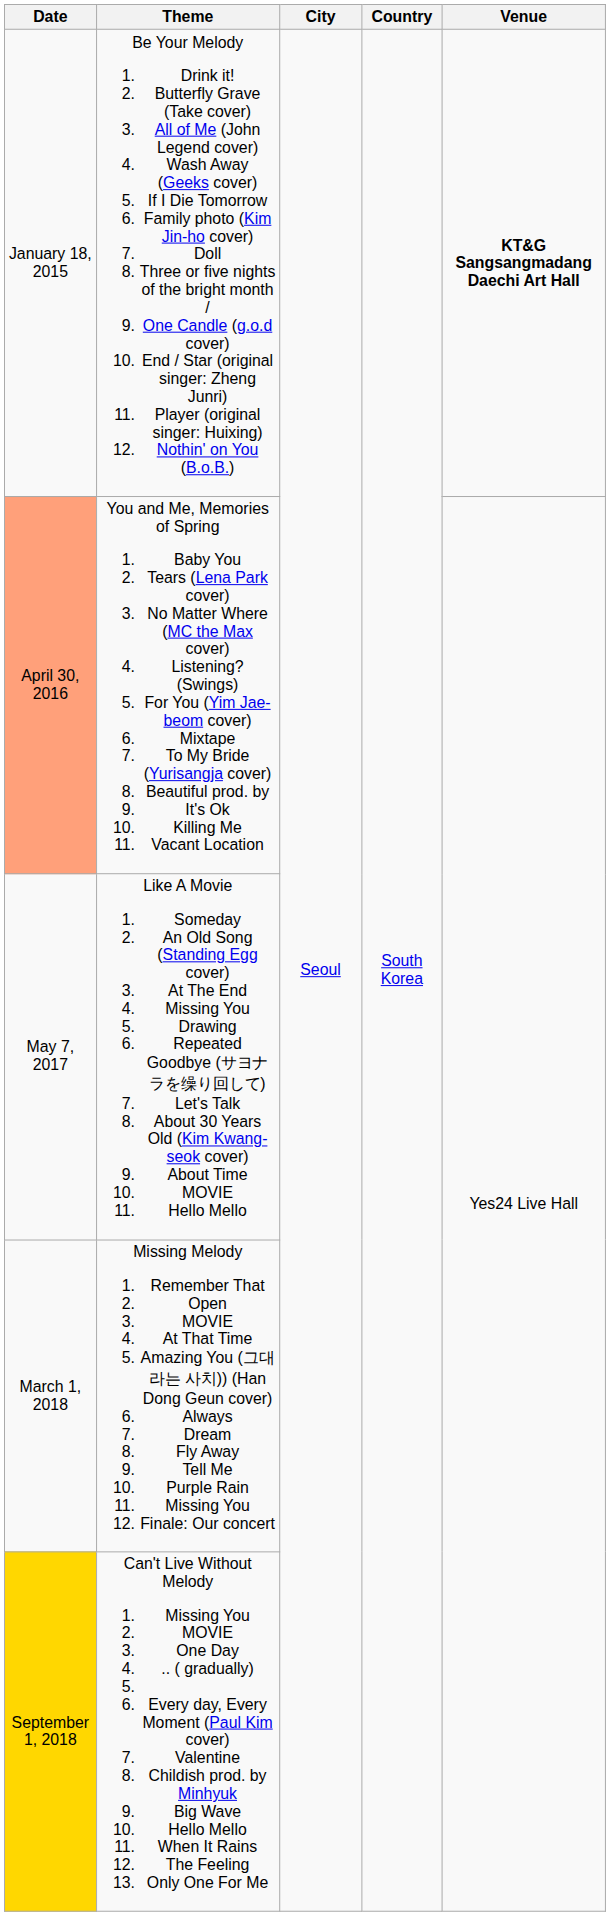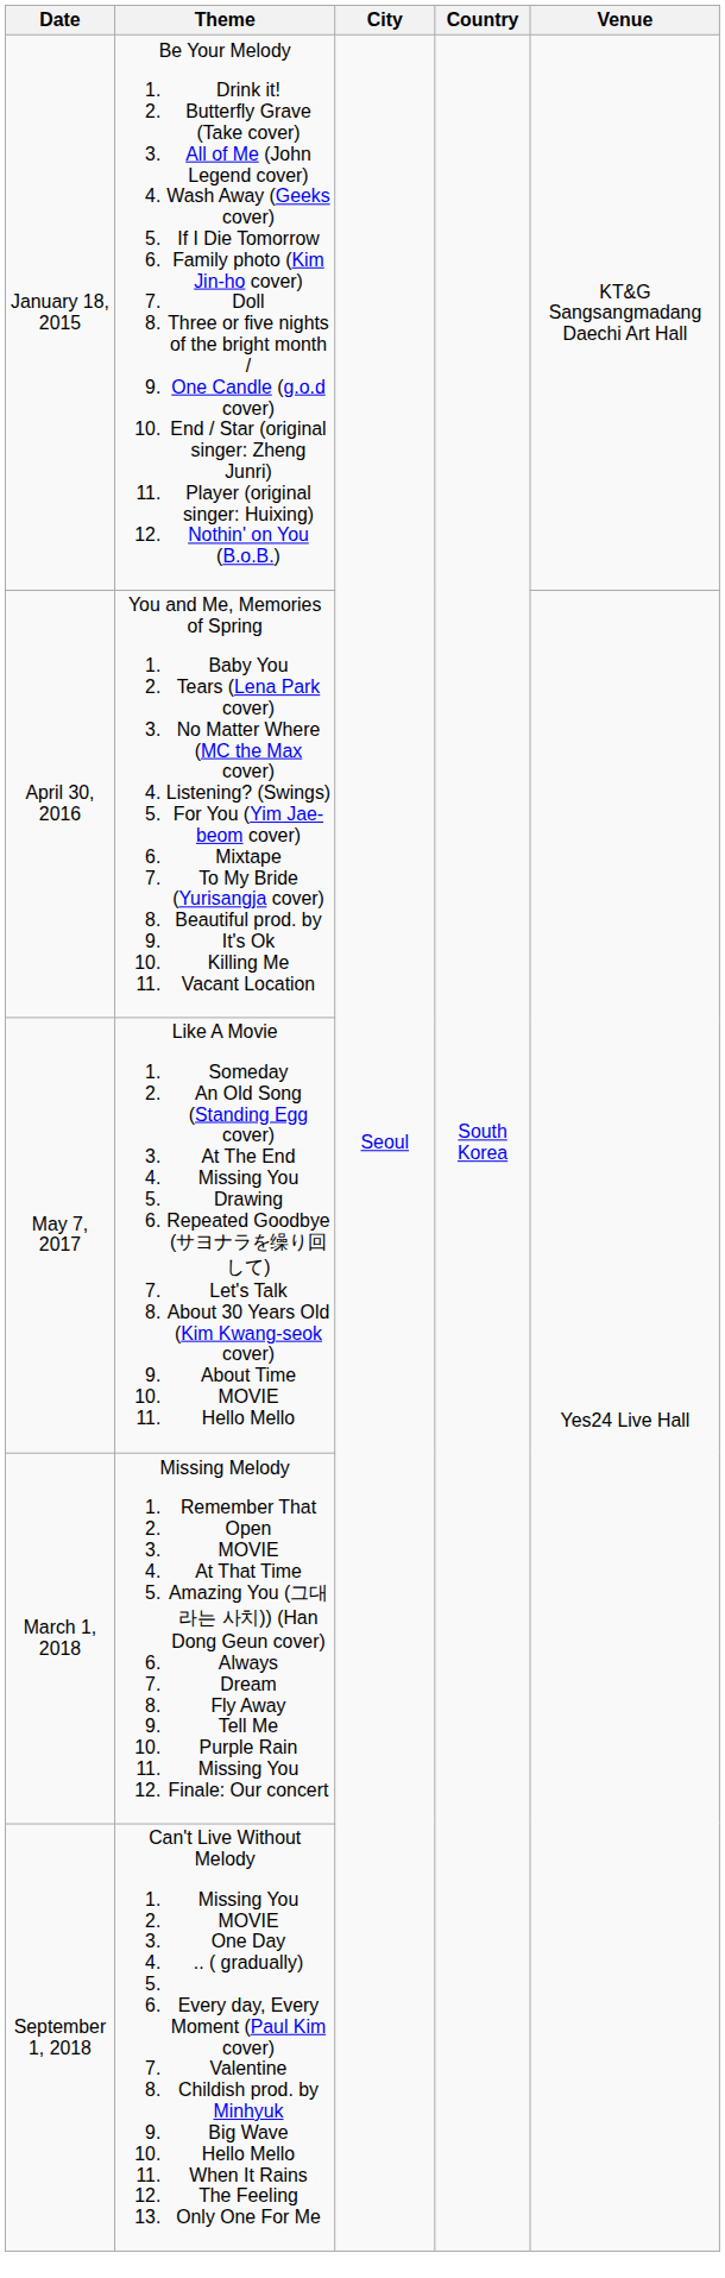 <table class="wikitable" style="text-align:center;">
 <tr>
 <th width="100">Date</th>
 <th width="300">Theme</th>
 <th width="150">City</th>
 <th width="100">Country</th>
 <th width="200">Venue</th>
 </tr>
 <tr>
 <td>January 18, 2015</td>
 <td>Be Your Melody <br><ol><li>Drink it! </li><li>Butterfly Grave (Take cover) </li><li><a href='#'>All of Me</a> (John Legend cover) </li><li>Wash Away (<a href='#'>Geeks</a> cover) </li><li>If I Die Tomorrow </li><li>Family photo (<a href='#'>Kim Jin-ho</a> cover) </li><li>Doll</li><li>Three or five nights of the bright month / </li><li><a href='#'>One Candle</a> (<a href='#'>g.o.d</a> cover)</li><li>End / Star (original singer: Zheng Junri)</li><li>Player  (original singer: Huixing)</li><li><a href='#'>Nothin' on You</a> (<a href='#'>B.o.B.</a>) </li></ol></td>
 <td rowspan="5"><a href='#'>Seoul</a></td>
 <td rowspan="5"><a href='#'>South Korea</a></td>
-<td><strong>KT&G Sangsangmadang Daechi Art Hall</strong></td>
+<td>KT&G Sangsangmadang Daechi Art Hall</td>
 </tr>
 <tr>
-<td style="background: lightsalmon;">April 30, 2016</td>
+<td>April 30, 2016</td>
 <td>You and Me, Memories of Spring <br><ol><li>Baby You </li><li>Tears (<a href='#'>Lena Park</a> cover) </li><li>No Matter Where (<a href='#'>MC the Max</a> cover) </li><li>Listening? (Swings) </li><li>For You (<a href='#'>Yim Jae-beom</a> cover) </li><li>Mixtape </li><li>To My Bride  (<a href='#'>Yurisangja</a> cover) </li><li>Beautiful prod. by  </li><li>It's Ok</li><li>Killing Me</li><li>Vacant Location</li></ol></td>
 <td rowspan="4">Yes24 Live Hall</td>
 </tr>
 <tr>
 <td>May 7, 2017</td>
 <td>Like A Movie <br><ol><li>Someday</li><li>An Old Song  (<a href='#'>Standing Egg</a> cover) </li><li>At The End </li><li>Missing You </li><li>Drawing</li><li>Repeated Goodbye (サヨナラを缲り回して)</li><li>Let's Talk </li><li>About 30 Years Old (<a href='#'>Kim Kwang-seok</a> cover) </li><li>About Time</li><li>MOVIE</li><li>Hello Mello</li></ol></td>
 </tr>
 <tr>
 <td>March 1, 2018</td>
 <td>Missing Melody <br><ol><li>Remember That</li><li>Open</li><li>MOVIE</li><li>At That Time </li><li>Amazing You (그대라는 사치)) (Han Dong Geun cover) </li><li>Always </li><li>Dream</li><li>Fly Away</li><li>Tell Me </li><li>Purple Rain </li><li>Missing You</li><li>Finale: Our concert</li></ol></td>
 </tr>
 <tr>
-<td style="background: gold;">September 1, 2018</td>
+<td>September 1, 2018</td>
 <td>Can't Live Without Melody <br><ol><li>Missing You</li><li>MOVIE</li><li>One Day  </li><li>.. ( gradually)</li><li></li><li>Every day, Every Moment (<a href='#'>Paul Kim</a> cover) </li><li>Valentine </li><li>Childish prod. by <a href='#'>Minhyuk</a> </li><li>Big Wave </li><li>Hello Mello </li><li>When It Rains </li><li>The Feeling</li><li>Only One For Me</li></ol></td>
 </tr>
 </table>
